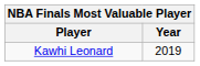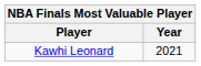 <table class="wikitable" style="text-align:center">
 <tr>
 <th colspan="2">NBA Finals Most Valuable Player</th>
 </tr>
 <tr>
 <th>Player</th>
 <th>Year</th>
 </tr>
 <tr>
 <td><a href='#'>Kawhi Leonard</a></td>
-<td>2019</td>
+<td>2021</td>
 </tr>
 </table>
